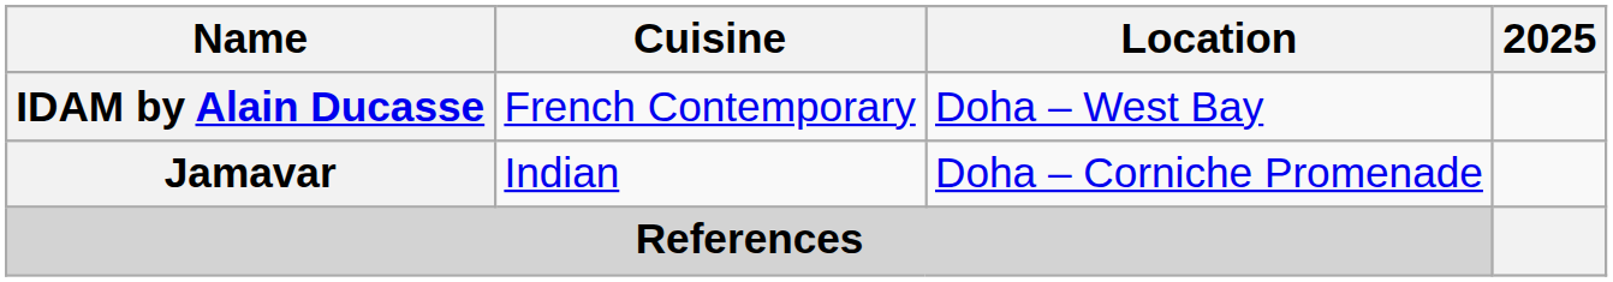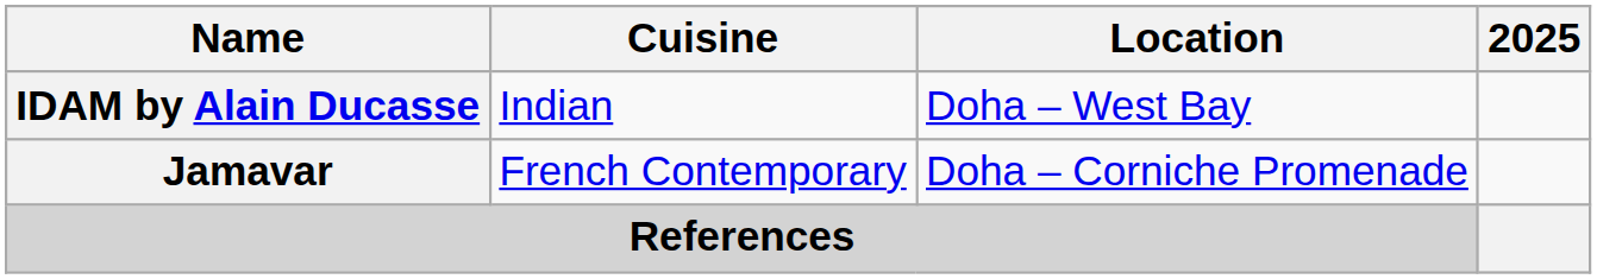 <table class="wikitable sortable plainrowheaders" style="text-align:left;"">
 <tr>
 <th scope="col">Name</th>
 <th scope="col">Cuisine</th>
 <th scope="col">Location</th>
 <th scope="col">2025</th>
 </tr>
 <tr>
 <th scope="row">IDAM by <a href='#'>Alain Ducasse</a></th>
-<td><a href='#'>French Contemporary</a></td>
+<td><a href='#'>Indian</a></td>
 <td><a href='#'>Doha – West Bay</a></td>
 <td></td>
 </tr>
 <tr>
 <th scope="row">Jamavar</th>
-<td><a href='#'>Indian</a></td>
+<td><a href='#'>French Contemporary</a></td>
 <td><a href='#'>Doha – Corniche Promenade</a></td>
 <td></td>
 </tr>
 <tr>
 <th colspan="3" style="text-align: center;background: lightgray;">References</th>
 <th></th>
 </tr>
 </table>
